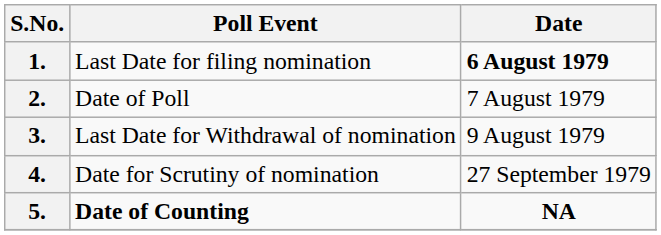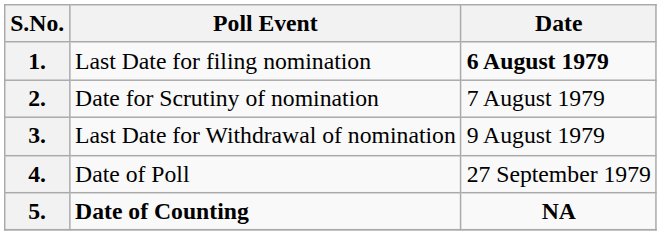 <table class="wikitable sortable">
 <tr>
 <th>S.No.</th>
 <th>Poll Event</th>
 <th>Date</th>
 </tr>
 <tr>
 <th>1.</th>
 <td>Last Date for filing nomination</td>
 <td><strong>6 August 1979</strong></td>
 </tr>
 <tr>
 <th>2.</th>
-<td>Date of Poll</td>
+<td>Date for Scrutiny of nomination</td>
 <td>7 August 1979</td>
 </tr>
 <tr>
 <th>3.</th>
 <td>Last Date for Withdrawal of nomination</td>
 <td>9 August 1979</td>
 </tr>
 <tr>
 <th>4.</th>
-<td>Date for Scrutiny of nomination</td>
+<td>Date of Poll</td>
 <td>27 September 1979</td>
 </tr>
 <tr>
 <th>5.</th>
 <td><strong>Date of Counting</strong></td>
 <td colspan="2" style="text-align:center"><strong>NA</strong></td>
 </tr>
 <tr>
 </tr>
 </table>
